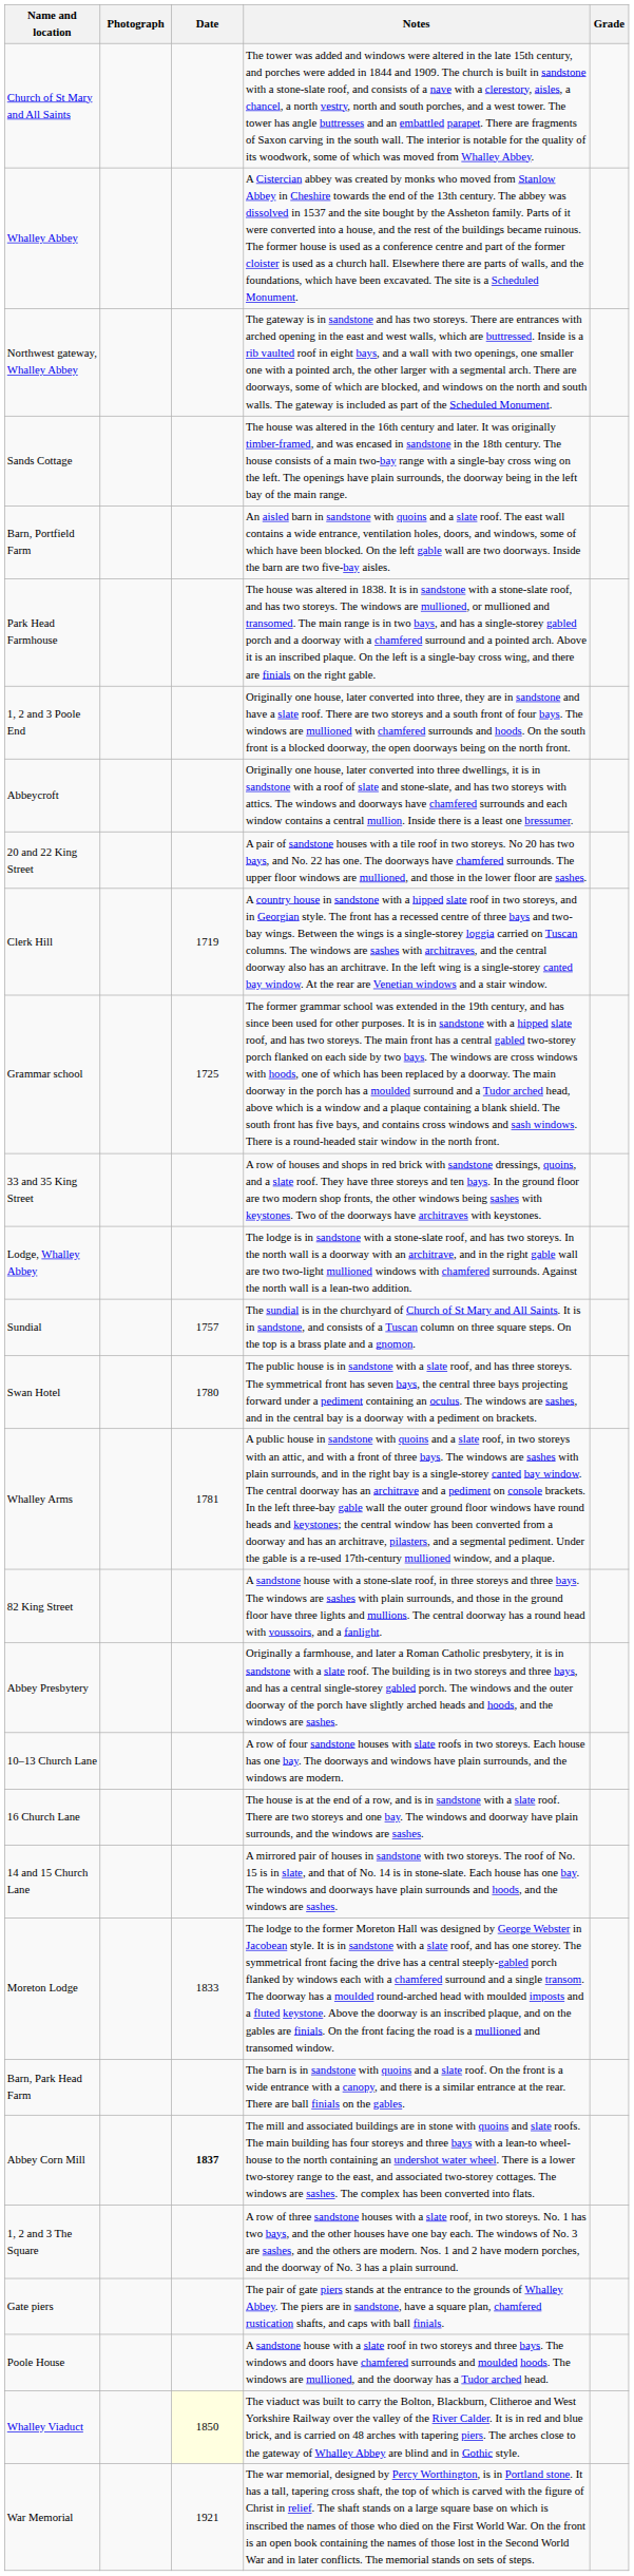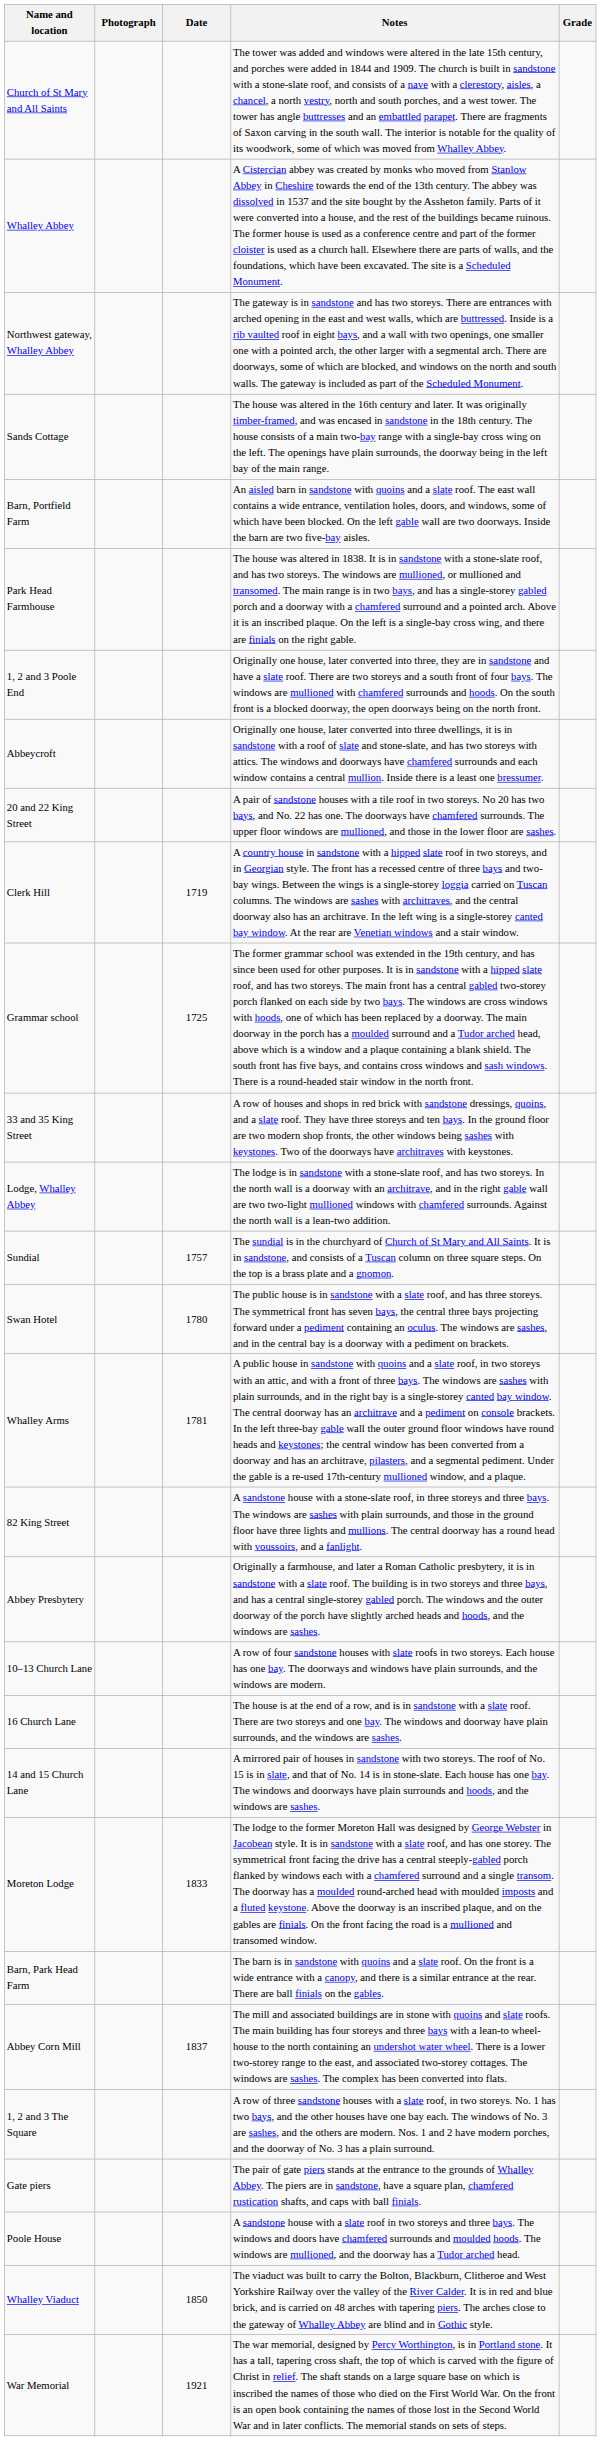 <table class="wikitable sortable plainrowheaders" style="width:100%;border:0px;text-align:left;line-height:150%;">
 <tr>
 <th scope="col"  style="width:150px">Name and location</th>
 <th scope="col"  style="width:100px" class="unsortable">Photograph</th>
 <th scope="col"  style="width:120px">Date</th>
 <th scope="col"  style="width:650px" class="unsortable">Notes</th>
 <th scope="col"  style="width:50px">Grade</th>
 </tr>
 <tr>
 <td><a href='#'>Church of St Mary and All Saints</a><br><small></small></td>
 <td></td>
 <td align="center"></td>
 <td>The tower was added and windows were altered in the late 15th century, and porches were added in 1844 and 1909.  The church is built in <a href='#'>sandstone</a> with a stone-slate roof, and consists of a <a href='#'>nave</a> with a <a href='#'>clerestory</a>, <a href='#'>aisles</a>, a <a href='#'>chancel</a>, a north <a href='#'>vestry</a>, north and south porches, and a west tower.  The tower has angle <a href='#'>buttresses</a> and an <a href='#'>embattled</a> <a href='#'>parapet</a>.  There are fragments of Saxon carving in the south wall.  The interior is notable for the quality of its woodwork, some of which was moved from <a href='#'>Whalley Abbey</a>.</td>
 <td align="center" ></td>
 </tr>
 <tr>
 <td><a href='#'>Whalley Abbey</a><br><small></small></td>
 <td></td>
 <td align="center"></td>
 <td>A <a href='#'>Cistercian</a> abbey was created by monks who moved from <a href='#'>Stanlow Abbey</a> in <a href='#'>Cheshire</a> towards the end of the 13th century.  The abbey was <a href='#'>dissolved</a> in 1537 and the site bought by the Assheton family.  Parts of it were converted into a house, and the rest of the buildings became ruinous.  The former house is used as a conference centre and part of the former <a href='#'>cloister</a> is used as a church hall.  Elsewhere there are parts of walls, and the foundations, which have been excavated.  The site is a <a href='#'>Scheduled Monument</a>.</td>
 <td align="center" ></td>
 </tr>
 <tr>
 <td>Northwest gateway,<br><a href='#'>Whalley Abbey</a><br><small></small></td>
 <td></td>
 <td align="center"></td>
 <td>The gateway is in <a href='#'>sandstone</a> and has two storeys.  There are entrances with arched opening in the east and west walls, which are <a href='#'>buttressed</a>.  Inside is a <a href='#'>rib vaulted</a> roof in eight <a href='#'>bays</a>, and a wall with two openings, one smaller one with a pointed arch, the other larger with a segmental arch. There are doorways, some of which are blocked, and windows on the north and south walls.  The gateway is included as part of the <a href='#'>Scheduled Monument</a>.</td>
 <td align="center" ></td>
 </tr>
 <tr>
 <td>Sands Cottage<br><small></small></td>
 <td></td>
 <td align="center"></td>
 <td>The house was altered in the 16th century and later.  It was originally <a href='#'>timber-framed</a>, and was encased in <a href='#'>sandstone</a> in the 18th century.  The house consists of a main two-<a href='#'>bay</a> range with a single-bay cross wing on the left.  The openings have plain surrounds, the doorway being in the left bay of the main range.</td>
 <td align="center" ></td>
 </tr>
 <tr>
 <td>Barn, Portfield Farm<br><small></small></td>
 <td></td>
 <td align="center"></td>
 <td>An <a href='#'>aisled</a> barn in <a href='#'>sandstone</a> with <a href='#'>quoins</a> and a <a href='#'>slate</a> roof.  The east wall contains a wide entrance, ventilation holes, doors, and windows, some of which have been blocked.  On the left <a href='#'>gable</a> wall are two doorways.  Inside the barn are two five-<a href='#'>bay</a> aisles.</td>
 <td align="center" ></td>
 </tr>
 <tr>
 <td>Park Head Farmhouse<br><small></small></td>
 <td></td>
 <td align="center"></td>
 <td>The house was altered in 1838. It is in <a href='#'>sandstone</a> with a stone-slate roof, and has two storeys.  The windows are <a href='#'>mullioned</a>, or mullioned and <a href='#'>transomed</a>.  The main range is in two <a href='#'>bays</a>, and has a single-storey <a href='#'>gabled</a> porch and a doorway with a <a href='#'>chamfered</a> surround and a pointed arch.  Above it is an inscribed plaque.  On the left is a single-bay cross wing, and there are <a href='#'>finials</a> on the right gable.</td>
 <td align="center" ></td>
 </tr>
 <tr>
 <td>1, 2 and 3 Poole End<br><small></small></td>
 <td></td>
 <td align="center"></td>
 <td>Originally one house, later converted into three, they are in <a href='#'>sandstone</a> and have a <a href='#'>slate</a> roof.  There are two storeys and a south front of four <a href='#'>bays</a>.  The windows are <a href='#'>mullioned</a> with <a href='#'>chamfered</a> surrounds and <a href='#'>hoods</a>.  On the south front is a blocked doorway, the open doorways being on the north front.</td>
 <td align="center" ></td>
 </tr>
 <tr>
 <td>Abbeycroft<br><small></small></td>
 <td></td>
 <td align="center"></td>
 <td>Originally one house, later converted into three dwellings, it is in <a href='#'>sandstone</a> with a roof of <a href='#'>slate</a> and stone-slate, and has two storeys with attics.  The windows and doorways have <a href='#'>chamfered</a> surrounds and each window contains a central <a href='#'>mullion</a>.  Inside there is a least one <a href='#'>bressumer</a>.</td>
 <td align="center" ></td>
 </tr>
 <tr>
 <td>20 and 22 King Street<br><small></small></td>
 <td></td>
 <td align="center"></td>
 <td>A pair of <a href='#'>sandstone</a> houses with a tile roof in two storeys.  No 20 has two <a href='#'>bays</a>, and No. 22 has one.  The doorways have <a href='#'>chamfered</a> surrounds.  The upper floor windows are <a href='#'>mullioned</a>, and those in the lower floor are <a href='#'>sashes</a>.</td>
 <td align="center" ></td>
 </tr>
 <tr>
 <td>Clerk Hill<br><small></small></td>
 <td></td>
 <td align="center">1719</td>
 <td>A <a href='#'>country house</a> in <a href='#'>sandstone</a> with a <a href='#'>hipped</a> <a href='#'>slate</a> roof in two storeys, and in <a href='#'>Georgian</a> style.  The front has a recessed centre of three <a href='#'>bays</a> and two-bay wings.  Between the wings is a single-storey <a href='#'>loggia</a> carried on <a href='#'>Tuscan</a> columns.  The windows are <a href='#'>sashes</a> with <a href='#'>architraves</a>, and the central doorway also has an architrave.  In the left wing is a single-storey <a href='#'>canted</a> <a href='#'>bay window</a>.  At the rear are <a href='#'>Venetian windows</a> and a stair window.</td>
 <td align="center" ></td>
 </tr>
 <tr>
 <td>Grammar school<br><small></small></td>
 <td></td>
 <td align="center">1725</td>
 <td>The former grammar school was extended in the 19th century, and has since been used for other purposes.  It is in <a href='#'>sandstone</a> with a <a href='#'>hipped</a> <a href='#'>slate</a> roof, and has two storeys.  The main front has a central <a href='#'>gabled</a> two-storey porch flanked on each side by two <a href='#'>bays</a>.  The windows are cross windows with <a href='#'>hoods</a>, one of which has been replaced by a doorway.  The main doorway in the porch has a <a href='#'>moulded</a> surround and a <a href='#'>Tudor arched</a> head, above which is a window and a plaque containing a blank shield.  The south front has five bays, and contains cross windows and <a href='#'>sash windows</a>.  There is a round-headed stair window in the north front.</td>
 <td align="center" ></td>
 </tr>
 <tr>
 <td>33 and 35 King Street<br><small></small></td>
 <td></td>
 <td align="center"></td>
 <td>A row of houses and shops in red brick with <a href='#'>sandstone</a> dressings, <a href='#'>quoins</a>, and a <a href='#'>slate</a> roof.  They have three storeys and ten <a href='#'>bays</a>.  In the ground floor are two modern shop fronts, the other windows being <a href='#'>sashes</a> with <a href='#'>keystones</a>.  Two of the doorways have <a href='#'>architraves</a> with keystones.</td>
 <td align="center" ></td>
 </tr>
 <tr>
 <td>Lodge, <a href='#'>Whalley Abbey</a><br><small></small></td>
 <td></td>
 <td align="center"></td>
 <td>The lodge is in <a href='#'>sandstone</a> with a stone-slate roof, and has two storeys.  In the north wall is a doorway with an <a href='#'>architrave</a>, and in the right <a href='#'>gable</a> wall are two two-light <a href='#'>mullioned</a> windows with <a href='#'>chamfered</a> surrounds.  Against the north wall is a lean-two addition.</td>
 <td align="center" ></td>
 </tr>
 <tr>
 <td>Sundial<br><small></small></td>
 <td></td>
 <td align="center">1757</td>
 <td>The <a href='#'>sundial</a> is in the churchyard of <a href='#'>Church of St Mary and All Saints</a>.  It is in <a href='#'>sandstone</a>, and consists of a <a href='#'>Tuscan</a> column on three square steps.  On the top is a brass plate and a <a href='#'>gnomon</a>.</td>
 <td align="center" ></td>
 </tr>
 <tr>
 <td>Swan Hotel<br><small></small></td>
 <td></td>
 <td align="center">1780</td>
 <td>The public house is in <a href='#'>sandstone</a> with a <a href='#'>slate</a> roof, and has three storeys.  The symmetrical front has seven <a href='#'>bays</a>, the central three bays projecting forward under a <a href='#'>pediment</a> containing an <a href='#'>oculus</a>.  The windows are <a href='#'>sashes</a>, and in the central bay is a doorway with a pediment on brackets.</td>
 <td align="center" ></td>
 </tr>
 <tr>
 <td>Whalley Arms<br><small></small></td>
 <td></td>
 <td align="center">1781</td>
 <td>A public house in <a href='#'>sandstone</a> with <a href='#'>quoins</a> and a <a href='#'>slate</a> roof, in two storeys with an attic, and with a front of three <a href='#'>bays</a>.  The windows are <a href='#'>sashes</a> with plain surrounds, and in the right bay is a single-storey <a href='#'>canted</a> <a href='#'>bay window</a>.  The central doorway has an <a href='#'>architrave</a> and a <a href='#'>pediment</a> on <a href='#'>console</a> brackets.  In the left three-bay <a href='#'>gable</a> wall the outer ground floor windows have round heads and <a href='#'>keystones</a>; the central window has been converted from a doorway and has an architrave, <a href='#'>pilasters</a>, and a segmental pediment.  Under the gable is a re-used 17th-century <a href='#'>mullioned</a> window, and a plaque.</td>
 <td align="center" ></td>
 </tr>
 <tr>
 <td>82 King Street<br><small></small></td>
 <td></td>
 <td align="center"></td>
 <td>A <a href='#'>sandstone</a> house with a stone-slate roof, in three storeys and three <a href='#'>bays</a>.  The windows are <a href='#'>sashes</a> with plain surrounds, and those in the ground floor have three lights and <a href='#'>mullions</a>.  The central doorway has a round head with <a href='#'>voussoirs</a>, and a <a href='#'>fanlight</a>.</td>
 <td align="center" ></td>
 </tr>
 <tr>
 <td>Abbey Presbytery<br><small></small></td>
 <td></td>
 <td align="center"></td>
 <td>Originally a farmhouse, and later a Roman Catholic presbytery, it is in <a href='#'>sandstone</a> with a <a href='#'>slate</a> roof.  The building is in two storeys and three <a href='#'>bays</a>, and has a central single-storey <a href='#'>gabled</a> porch.  The windows and the outer doorway of the porch have slightly arched heads and <a href='#'>hoods</a>, and the windows are <a href='#'>sashes</a>.</td>
 <td align="center" ></td>
 </tr>
 <tr>
 <td>10–13 Church Lane<br><small></small></td>
 <td></td>
 <td align="center"></td>
 <td>A row of four <a href='#'>sandstone</a> houses with <a href='#'>slate</a> roofs in two storeys.  Each house has one <a href='#'>bay</a>.  The doorways and windows have plain surrounds, and the windows are modern.</td>
 <td align="center" ></td>
 </tr>
 <tr>
 <td>16 Church Lane<br><small></small></td>
 <td></td>
 <td align="center"></td>
 <td>The house is at the end of a row, and is in <a href='#'>sandstone</a> with a <a href='#'>slate</a> roof.  There are two storeys and one <a href='#'>bay</a>. The windows and doorway have plain surrounds, and the windows are <a href='#'>sashes</a>.</td>
 <td align="center" ></td>
 </tr>
 <tr>
 <td>14 and 15 Church Lane<br><small></small></td>
 <td></td>
 <td align="center"></td>
 <td>A mirrored pair of houses in <a href='#'>sandstone</a> with two storeys.  The roof of No. 15 is in <a href='#'>slate</a>, and that of No. 14 is in stone-slate.  Each house has one <a href='#'>bay</a>.  The windows and doorways have plain surrounds and <a href='#'>hoods</a>, and the windows are <a href='#'>sashes</a>.</td>
 <td align="center" ></td>
 </tr>
 <tr>
 <td>Moreton Lodge<br><small></small></td>
 <td></td>
 <td align="center">1833</td>
 <td>The lodge to the former Moreton Hall was designed by <a href='#'>George Webster</a> in <a href='#'>Jacobean</a> style.  It is in <a href='#'>sandstone</a> with a <a href='#'>slate</a> roof, and has one storey.  The symmetrical front facing the drive has a central steeply-<a href='#'>gabled</a> porch flanked by windows each with a <a href='#'>chamfered</a> surround and a single <a href='#'>transom</a>.  The doorway has a <a href='#'>moulded</a> round-arched head with moulded <a href='#'>imposts</a> and a <a href='#'>fluted</a> <a href='#'>keystone</a>.  Above the doorway is an inscribed plaque, and on the gables are <a href='#'>finials</a>.  On the front facing the road is a <a href='#'>mullioned</a> and transomed window.</td>
 <td align="center" ></td>
 </tr>
 <tr>
 <td>Barn, Park Head Farm<br><small></small></td>
 <td></td>
 <td align="center"></td>
 <td>The barn is in <a href='#'>sandstone</a> with <a href='#'>quoins</a> and a <a href='#'>slate</a> roof.  On the front is a wide entrance with a <a href='#'>canopy</a>, and there is a similar entrance at the rear.  There are ball <a href='#'>finials</a> on the <a href='#'>gables</a>.</td>
 <td align="center" ></td>
 </tr>
 <tr>
 <td>Abbey Corn Mill<br><small></small></td>
 <td></td>
-<td align="center"><strong>1837</strong></td>
+<td align="center">1837</td>
 <td>The mill and associated buildings are in stone with <a href='#'>quoins</a> and <a href='#'>slate</a> roofs.  The main building has four storeys and three <a href='#'>bays</a> with a lean-to wheel-house to the north containing an <a href='#'>undershot water wheel</a>.  There is a lower two-storey range to the east, and associated two-storey cottages.  The windows are <a href='#'>sashes</a>.  The complex has been converted into flats.</td>
 <td align="center" ></td>
 </tr>
 <tr>
 <td>1, 2 and 3 The Square<br><small></small></td>
 <td></td>
 <td align="center"></td>
 <td>A row of three <a href='#'>sandstone</a> houses with a <a href='#'>slate</a> roof, in two storeys.  No. 1 has two <a href='#'>bays</a>, and the other houses have one bay each.  The windows of No. 3 are <a href='#'>sashes</a>, and the others are modern.  Nos. 1 and 2 have modern porches, and the doorway of No. 3 has a plain surround.</td>
 <td align="center" ></td>
 </tr>
 <tr>
 <td>Gate piers<br><small></small></td>
 <td></td>
 <td align="center"></td>
 <td>The pair of gate <a href='#'>piers</a> stands at the entrance to the grounds of <a href='#'>Whalley Abbey</a>.  The piers are in <a href='#'>sandstone</a>, have a square plan, <a href='#'>chamfered</a> <a href='#'>rustication</a> shafts, and caps with ball <a href='#'>finials</a>.</td>
 <td align="center" ></td>
 </tr>
 <tr>
 <td>Poole House<br><small></small></td>
 <td></td>
 <td align="center"></td>
 <td>A <a href='#'>sandstone</a> house with a <a href='#'>slate</a> roof in two storeys and three <a href='#'>bays</a>.  The windows and doors have <a href='#'>chamfered</a> surrounds and <a href='#'>moulded</a> <a href='#'>hoods</a>.  The windows are <a href='#'>mullioned</a>, and the doorway has a <a href='#'>Tudor arched</a> head.</td>
 <td align="center" ></td>
 </tr>
 <tr>
 <td><a href='#'>Whalley Viaduct</a><br><small></small></td>
 <td></td>
-<td align="center" style="background: lightyellow;">1850</td>
+<td align="center">1850</td>
 <td>The viaduct was built to carry the Bolton, Blackburn, Clitheroe and West Yorkshire Railway over the valley of the <a href='#'>River Calder</a>.  It is in red and blue brick, and is carried on 48 arches with tapering <a href='#'>piers</a>.  The arches close to the gateway of <a href='#'>Whalley Abbey</a> are blind and in <a href='#'>Gothic</a> style.</td>
 <td align="center" ></td>
 </tr>
 <tr>
 <td>War Memorial<br><small></small></td>
 <td></td>
 <td align="center">1921</td>
 <td>The war memorial, designed by <a href='#'>Percy Worthington</a>, is in <a href='#'>Portland stone</a>.  It has a tall, tapering cross shaft, the top of which is carved with the figure of Christ in <a href='#'>relief</a>.  The shaft stands on a large square base on which is inscribed the names of those who died on the First World War.  On the front is an open book containing the names of those lost in the Second World War and in later conflicts.  The memorial stands on sets of steps.</td>
 <td align="center" ></td>
 </tr>
 <tr>
 </tr>
 </table>
